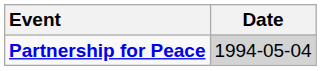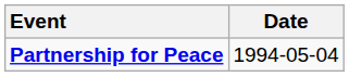 <table class="wikitable sortable" style="text-align:center; font-size:90%;">
 <tr>
 <th style="text-align:left;">Event</th>
 <th>Date</th>
 </tr>
 <tr>
 <td style="text-align:left;"><strong><a href='#'>Partnership for Peace</a></strong></td>
-<td style="background: lightgrey;">1994-05-04</td>
+<td>1994-05-04</td>
 </tr>
 </table>
